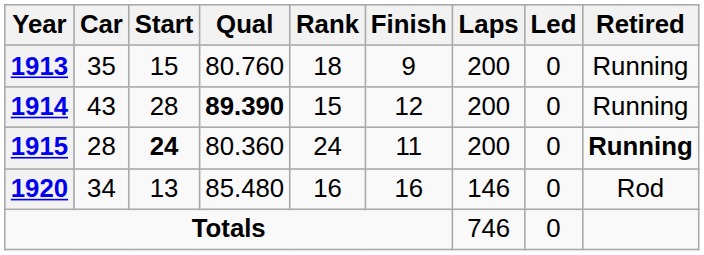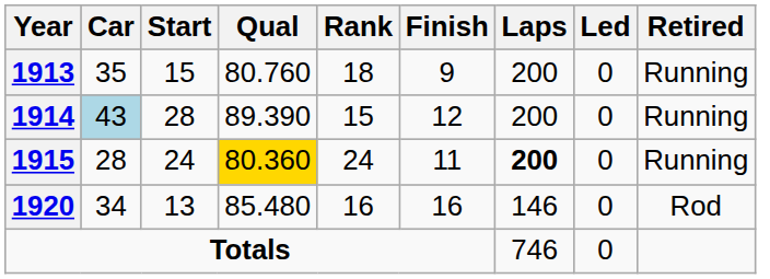 <table class="wikitable" style="text-align:center">
 <tr>
 <th>Year</th>
 <th>Car</th>
 <th>Start</th>
 <th>Qual</th>
 <th>Rank</th>
 <th>Finish</th>
 <th>Laps</th>
 <th>Led</th>
 <th>Retired</th>
 </tr>
 <tr>
 <th><a href='#'>1913</a></th>
 <td>35</td>
 <td>15</td>
 <td>80.760</td>
 <td>18</td>
 <td>9</td>
 <td>200</td>
 <td>0</td>
 <td>Running</td>
 </tr>
 <tr>
 <th><a href='#'>1914</a></th>
-<td>43</td>
+<td style="background: lightblue;">43</td>
 <td>28</td>
-<td><strong>89.390</strong></td>
+<td>89.390</td>
 <td>15</td>
 <td>12</td>
 <td>200</td>
 <td>0</td>
 <td>Running</td>
 </tr>
 <tr>
 <th><a href='#'>1915</a></th>
 <td>28</td>
-<td><strong>24</strong></td>
-<td>80.360</td>
+<td>24</td>
+<td style="background: gold;">80.360</td>
 <td>24</td>
 <td>11</td>
-<td>200</td>
+<td><strong>200</strong></td>
 <td>0</td>
-<td><strong>Running</strong></td>
+<td>Running</td>
 </tr>
 <tr>
 <th><a href='#'>1920</a></th>
 <td>34</td>
 <td>13</td>
 <td>85.480</td>
 <td>16</td>
 <td>16</td>
 <td>146</td>
 <td>0</td>
 <td>Rod</td>
 </tr>
 <tr>
 <td colspan=6><strong>Totals</strong></td>
 <td>746</td>
 <td>0</td>
 <td></td>
 </tr>
 </table>
